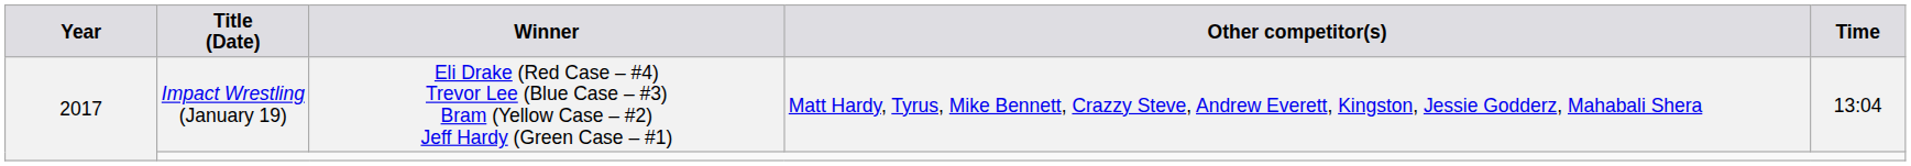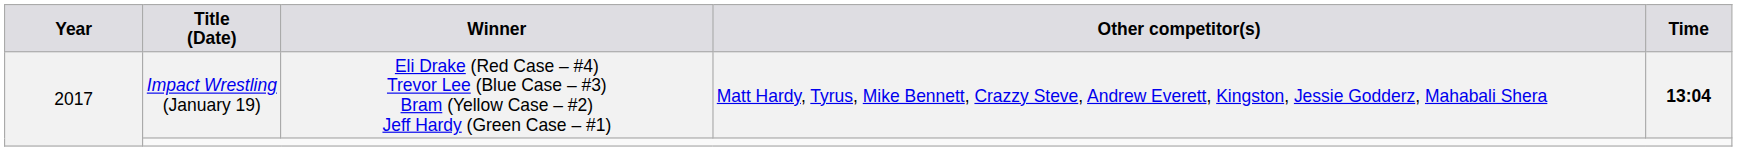 <table class="wikitable" style="font-size: 95%">
 <tr>
 <th style="background-color: #DEDDE2" width="8%">Year</th>
 <th style="background-color: #DEDDE2" width="8%">Title<br>(Date)</th>
 <th style="background-color: #DEDDE2" width="25%">Winner</th>
 <th style="background-color: #DEDDE2">Other competitor(s)</th>
 <th style="background-color: #DEDDE2" width="5%">Time</th>
 </tr>
 <tr>
 <td rowspan="2" style="background-color: #F2F2F2;" align="center">2017</td>
 <td style="background-color: #F2F2F2;" align="center"><em><a href='#'>Impact Wrestling</a></em><br>(January 19)</td>
 <td style="background-color: #F2F2F2;" align="center"><a href='#'>Eli Drake</a> (Red Case – #4)<br><a href='#'>Trevor Lee</a> (Blue Case – #3) <br><a href='#'>Bram</a> (Yellow Case – #2) <br><a href='#'>Jeff Hardy</a> (Green Case – #1)</td>
 <td style="background-color: #F2F2F2;"><a href='#'>Matt Hardy</a>, <a href='#'>Tyrus</a>, <a href='#'>Mike Bennett</a>, <a href='#'>Crazzy Steve</a>, <a href='#'>Andrew Everett</a>, <a href='#'>Kingston</a>, <a href='#'>Jessie Godderz</a>, <a href='#'>Mahabali Shera</a></td>
-<td style="background-color: #F2F2F2;" align="center">13:04</td>
+<td style="background-color: #F2F2F2;" align="center"><strong>13:04</strong></td>
 </tr>
 <tr>
 <td colspan="4"></td>
 </tr>
 </table>
